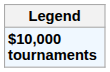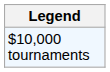 <table class="wikitable"  style="font-size:85%; width:15%;">
 <tr>
 <th>Legend</th>
 </tr>
 <tr style="background:#f0f8ff;">
-<td><strong>$10,000 tournaments</strong></td>
+<td>$10,000 tournaments</td>
 </tr>
 </table>
